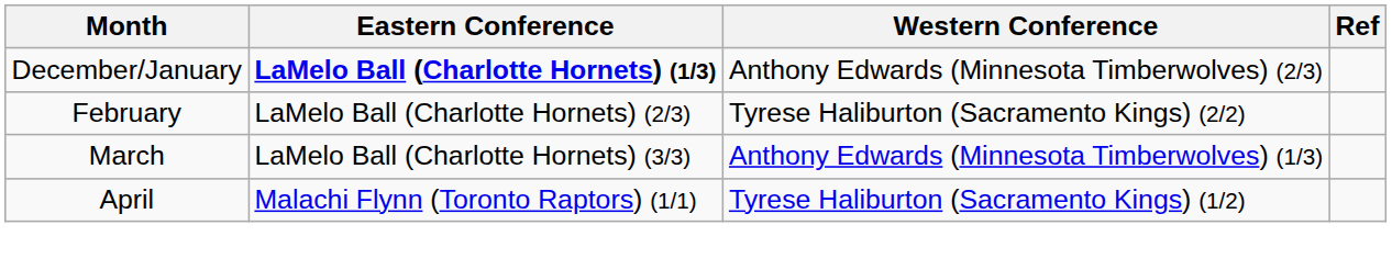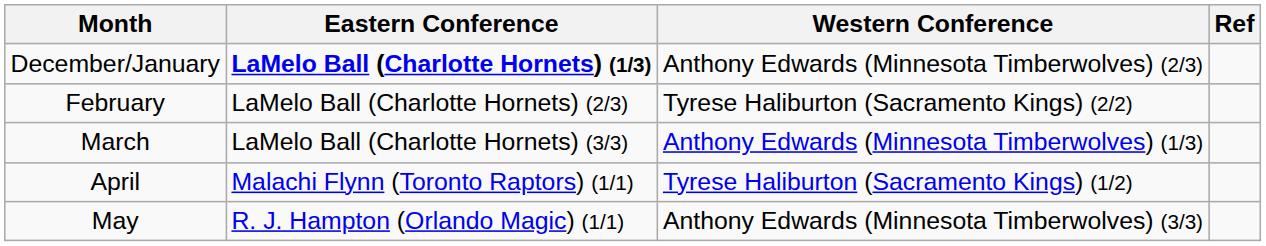 <table class="wikitable sortable" style="text-align:left;">
 <tr>
 <th>Month</th>
 <th>Eastern Conference</th>
 <th>Western Conference</th>
 <th class=unsortable>Ref</th>
 </tr>
 <tr>
 <td style="text-align:center;">December/January</td>
 <td><strong><a href='#'>LaMelo Ball</a> (<a href='#'>Charlotte Hornets</a>) <small>(1/3)</small></strong></td>
 <td>Anthony Edwards (Minnesota Timberwolves) <small>(2/3)</small></td>
 <td style="text-align:center;"></td>
 </tr>
 <tr>
 <td style="text-align:center;">February</td>
 <td>LaMelo Ball (Charlotte Hornets) <small>(2/3)</small></td>
 <td>Tyrese Haliburton (Sacramento Kings) <small>(2/2)</small></td>
 <td style="text-align:center;"></td>
 </tr>
 <tr>
 <td style="text-align:center;">March</td>
 <td>LaMelo Ball (Charlotte Hornets) <small>(3/3)</small></td>
 <td><a href='#'>Anthony Edwards</a> (<a href='#'>Minnesota Timberwolves</a>) <small>(1/3)</small></td>
 <td style="text-align:center;"></td>
 </tr>
 <tr>
 <td style="text-align:center;">April</td>
 <td><a href='#'>Malachi Flynn</a> (<a href='#'>Toronto Raptors</a>) <small>(1/1)</small></td>
 <td><a href='#'>Tyrese Haliburton</a> (<a href='#'>Sacramento Kings</a>) <small>(1/2)</small></td>
 <td style="text-align:center;"></td>
 </tr>
+<tr>
+<td style="text-align:center;'">May</td>
+<td><a href='#'>R. J. Hampton</a> (<a href='#'>Orlando Magic</a>) <small>(1/1)</small></td>
+<td>Anthony Edwards (Minnesota Timberwolves) <small>(3/3)</small></td>
+<td style="text-align:center;"></td>
+</tr>
 </table>
